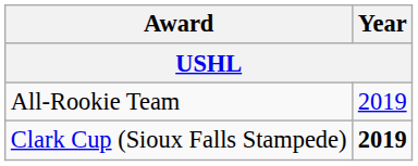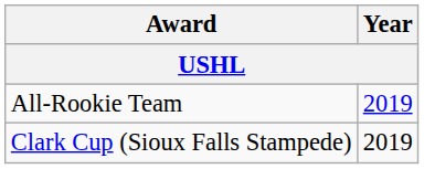 <table class="wikitable">
 <tr>
 <th>Award</th>
 <th>Year</th>
 </tr>
 <tr ALIGN="center" bgcolor="#e0e0e0">
 <th colspan="3"><a href='#'>USHL</a></th>
 </tr>
 <tr>
 <td>All-Rookie Team</td>
 <td><a href='#'>2019</a></td>
 </tr>
 <tr>
 <td><a href='#'>Clark Cup</a> (Sioux Falls Stampede)</td>
-<td><strong>2019</strong></td>
+<td>2019</td>
 </tr>
 </table>
